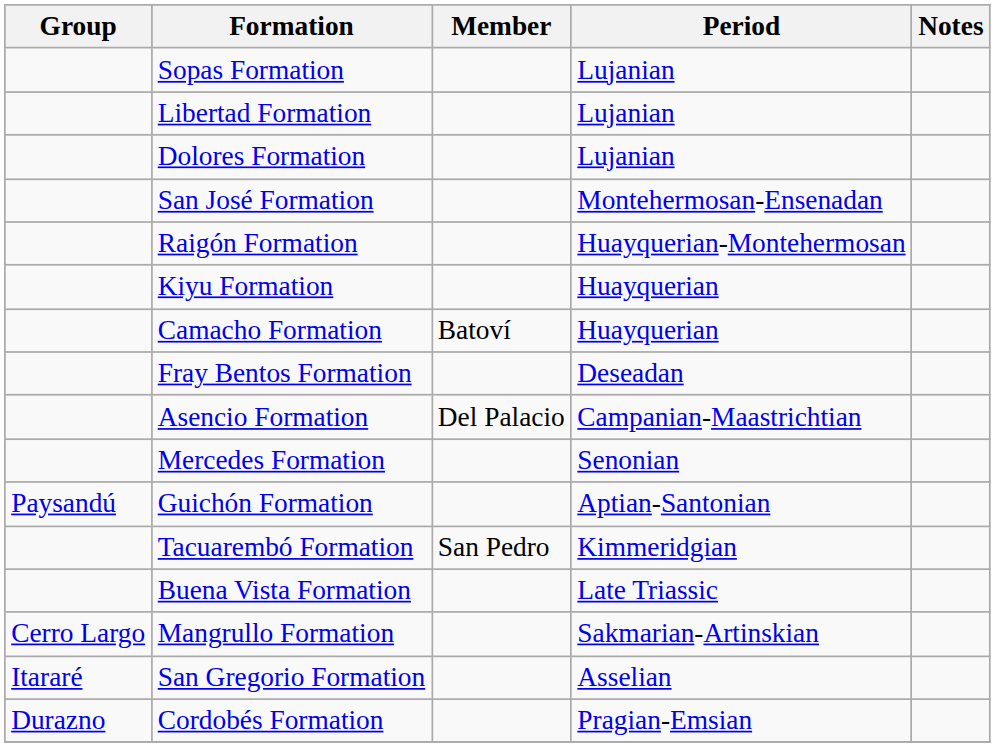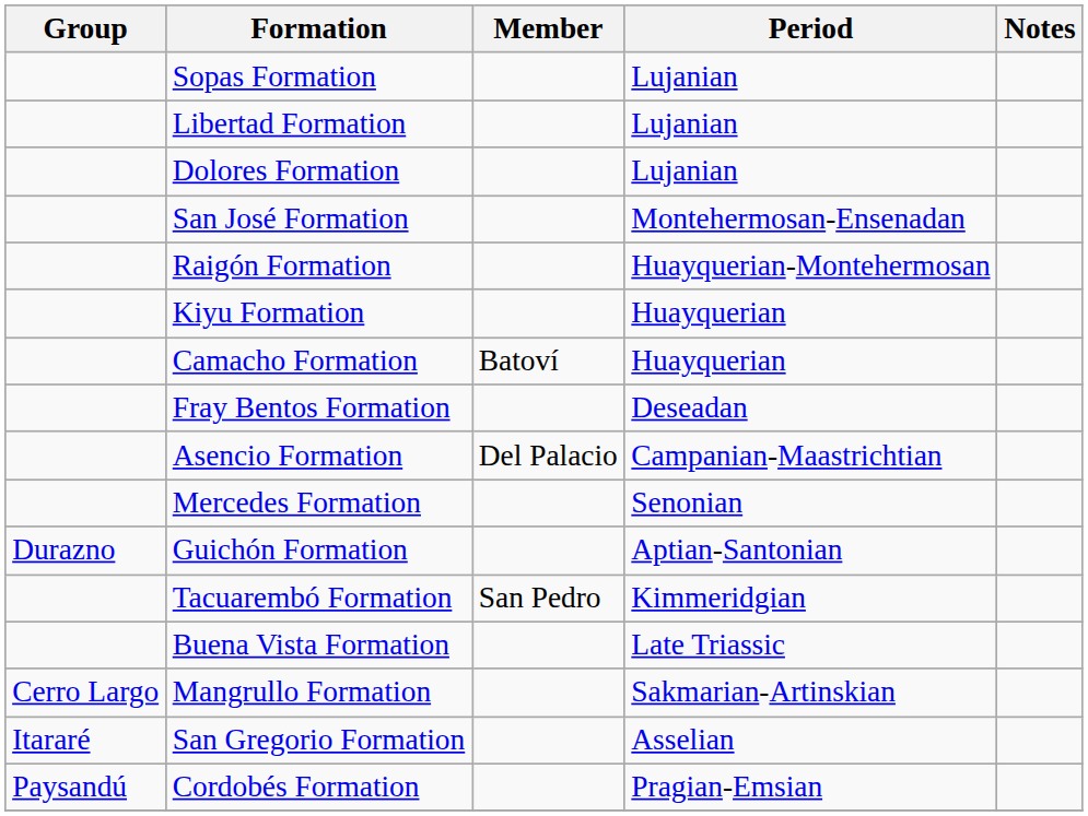 <table class="wikitable sortable">
 <tr>
 <th>Group</th>
 <th>Formation</th>
 <th>Member</th>
 <th>Period</th>
 <th class="unsortable">Notes</th>
 </tr>
 <tr>
 <td></td>
 <td><a href='#'>Sopas Formation</a></td>
 <td></td>
 <td style="background-color: "><a href='#'>Lujanian</a></td>
 <td align=center></td>
 </tr>
 <tr>
 <td></td>
 <td><a href='#'>Libertad Formation</a></td>
 <td></td>
 <td style="background-color: "><a href='#'>Lujanian</a></td>
 <td align=center></td>
 </tr>
 <tr>
 <td></td>
 <td><a href='#'>Dolores Formation</a></td>
 <td></td>
 <td style="background-color: "><a href='#'>Lujanian</a></td>
 <td align=center><br></td>
 </tr>
 <tr>
 <td></td>
 <td><a href='#'>San José Formation</a></td>
 <td></td>
 <td style="background-color: "><a href='#'>Montehermosan</a>-<a href='#'>Ensenadan</a></td>
 <td align=center></td>
 </tr>
 <tr>
 <td></td>
 <td><a href='#'>Raigón Formation</a></td>
 <td></td>
 <td style="background-color: "><a href='#'>Huayquerian</a>-<a href='#'>Montehermosan</a></td>
 <td align=center></td>
 </tr>
 <tr>
 <td></td>
 <td><a href='#'>Kiyu Formation</a></td>
 <td></td>
 <td style="background-color: "><a href='#'>Huayquerian</a></td>
 <td align=center></td>
 </tr>
 <tr>
 <td></td>
 <td><a href='#'>Camacho Formation</a></td>
 <td>Batoví</td>
 <td style="background-color: "><a href='#'>Huayquerian</a></td>
 <td align=center></td>
 </tr>
 <tr>
 <td></td>
 <td><a href='#'>Fray Bentos Formation</a></td>
 <td></td>
 <td style="background-color: "><a href='#'>Deseadan</a></td>
 <td align=center></td>
 </tr>
 <tr>
 <td></td>
 <td><a href='#'>Asencio Formation</a></td>
 <td>Del Palacio</td>
 <td style="background-color: "><a href='#'>Campanian</a>-<a href='#'>Maastrichtian</a></td>
 <td align=center></td>
 </tr>
 <tr>
 <td></td>
 <td><a href='#'>Mercedes Formation</a></td>
 <td></td>
 <td style="background-color: "><a href='#'>Senonian</a></td>
 <td align=center></td>
 </tr>
 <tr>
-<td><a href='#'>Paysandú</a></td>
+<td><a href='#'>Durazno</a></td>
 <td><a href='#'>Guichón Formation</a></td>
 <td></td>
 <td style="background-color: "><a href='#'>Aptian</a>-<a href='#'>Santonian</a></td>
 <td align=center></td>
 </tr>
 <tr>
 <td></td>
 <td><a href='#'>Tacuarembó Formation</a></td>
 <td>San Pedro</td>
 <td style="background-color: "><a href='#'>Kimmeridgian</a></td>
 <td align=center></td>
 </tr>
 <tr>
 <td></td>
 <td><a href='#'>Buena Vista Formation</a></td>
 <td></td>
 <td style="background-color: "><a href='#'>Late Triassic</a></td>
 <td align=center></td>
 </tr>
 <tr>
 <td><a href='#'>Cerro Largo</a></td>
 <td><a href='#'>Mangrullo Formation</a></td>
 <td></td>
 <td style="background-color: "><a href='#'>Sakmarian</a>-<a href='#'>Artinskian</a></td>
 <td align=center></td>
 </tr>
 <tr>
 <td><a href='#'>Itararé</a></td>
 <td><a href='#'>San Gregorio Formation</a></td>
 <td></td>
 <td style="background-color: "><a href='#'>Asselian</a></td>
 <td align=center></td>
 </tr>
 <tr>
-<td><a href='#'>Durazno</a></td>
+<td><a href='#'>Paysandú</a></td>
 <td><a href='#'>Cordobés Formation</a></td>
 <td></td>
 <td style="background-color: "><a href='#'>Pragian</a>-<a href='#'>Emsian</a></td>
 <td align="center"></td>
 </tr>
 <tr>
 </tr>
 </table>
